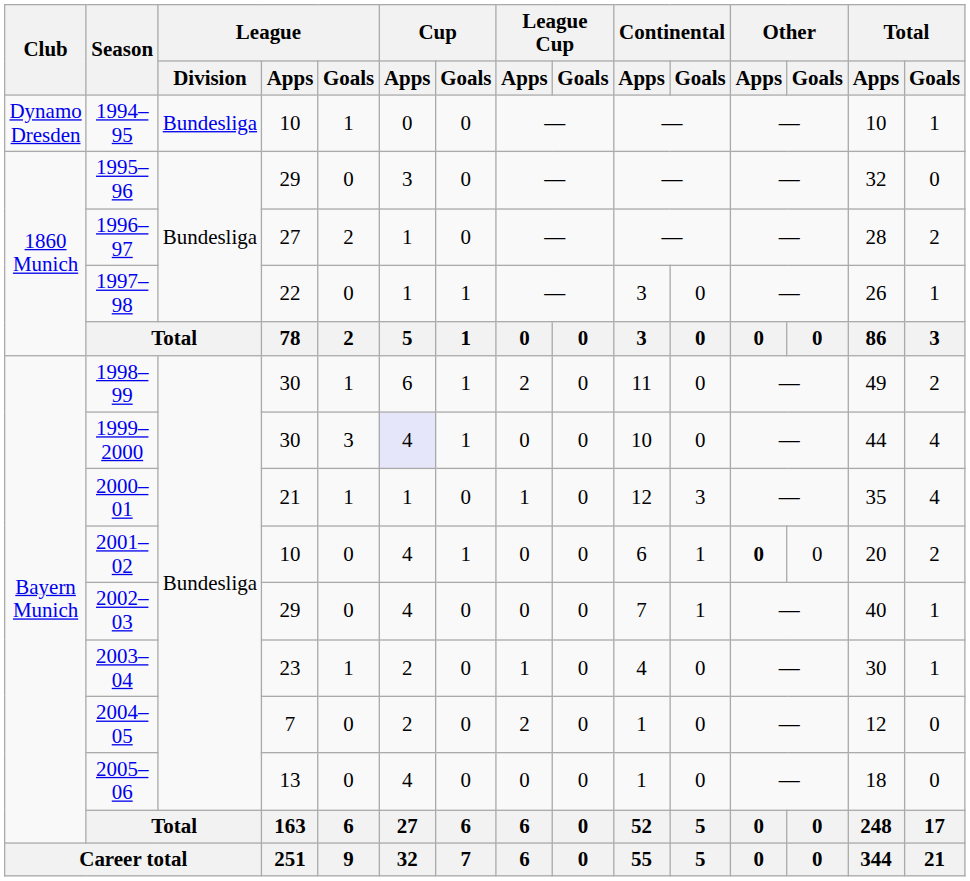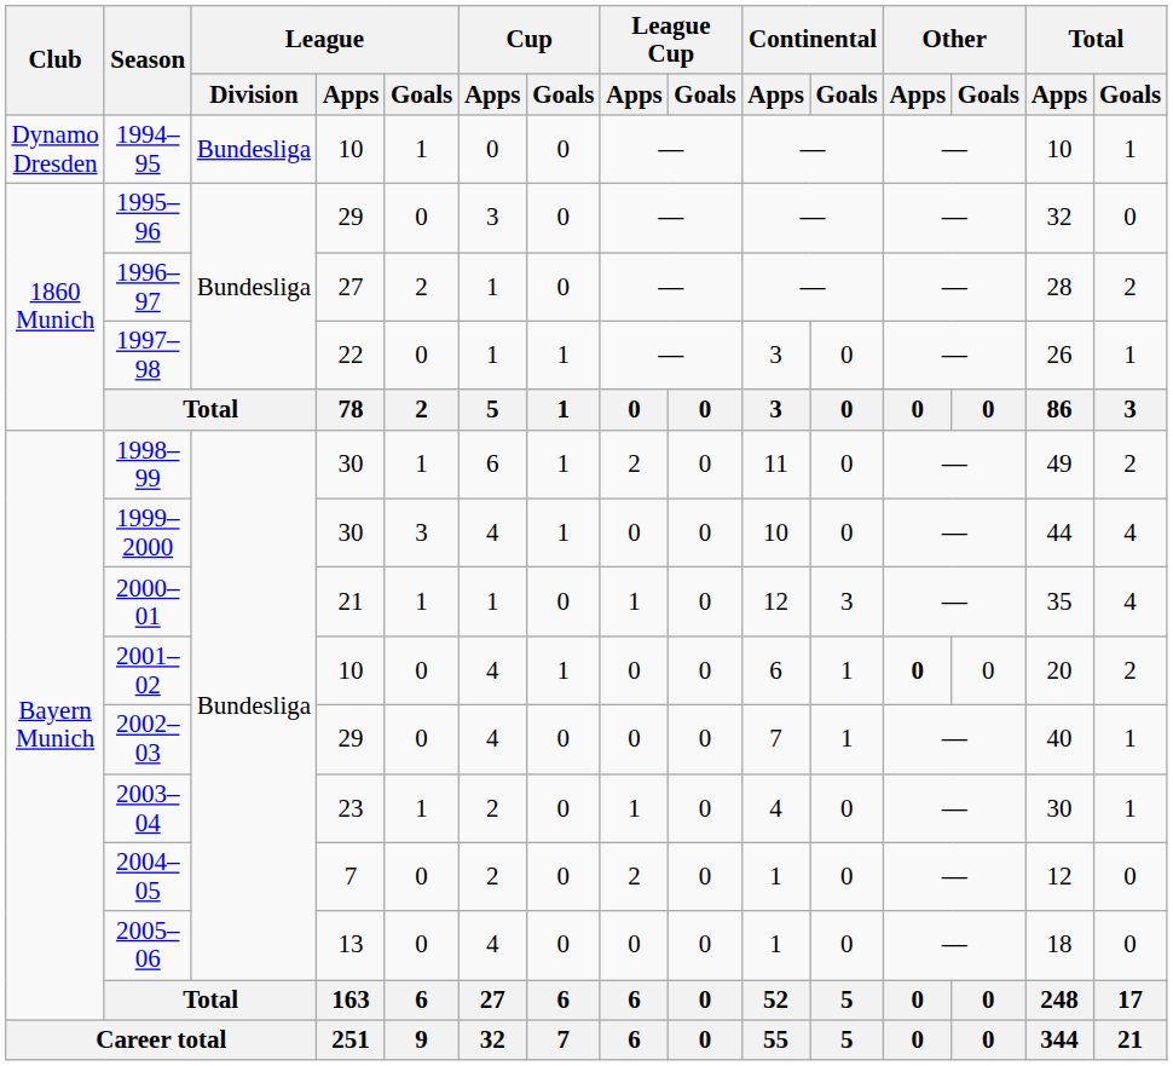 <table class="wikitable" style="text-align: center">
 <tr>
 <th rowspan="2">Club</th>
 <th rowspan="2">Season</th>
 <th colspan="3">League</th>
 <th colspan="2">Cup</th>
 <th colspan="2">League Cup</th>
 <th colspan="2">Continental</th>
 <th colspan="2">Other</th>
 <th colspan="2">Total</th>
 </tr>
 <tr>
 <th>Division</th>
 <th>Apps</th>
 <th>Goals</th>
 <th>Apps</th>
 <th>Goals</th>
 <th>Apps</th>
 <th>Goals</th>
 <th>Apps</th>
 <th>Goals</th>
 <th>Apps</th>
 <th>Goals</th>
 <th>Apps</th>
 <th>Goals</th>
 </tr>
 <tr>
 <td><a href='#'>Dynamo Dresden</a></td>
 <td><a href='#'>1994–95</a></td>
 <td><a href='#'>Bundesliga</a></td>
 <td>10</td>
 <td>1</td>
 <td>0</td>
 <td>0</td>
 <td colspan="2">—</td>
 <td colspan="2">—</td>
 <td colspan="2">—</td>
 <td>10</td>
 <td>1</td>
 </tr>
 <tr>
 <td rowspan="4"><a href='#'>1860 Munich</a></td>
 <td><a href='#'>1995–96</a></td>
 <td rowspan="3">Bundesliga</td>
 <td>29</td>
 <td>0</td>
 <td>3</td>
 <td>0</td>
 <td colspan="2">—</td>
 <td colspan="2">—</td>
 <td colspan="2">—</td>
 <td>32</td>
 <td>0</td>
 </tr>
 <tr>
 <td><a href='#'>1996–97</a></td>
 <td>27</td>
 <td>2</td>
 <td>1</td>
 <td>0</td>
 <td colspan="2">—</td>
 <td colspan="2">—</td>
 <td colspan="2">—</td>
 <td>28</td>
 <td>2</td>
 </tr>
 <tr>
 <td><a href='#'>1997–98</a></td>
 <td>22</td>
 <td>0</td>
 <td>1</td>
 <td>1</td>
 <td colspan="2">—</td>
 <td>3</td>
 <td>0</td>
 <td colspan="2">—</td>
 <td>26</td>
 <td>1</td>
 </tr>
 <tr>
 <th colspan="2">Total</th>
 <th>78</th>
 <th>2</th>
 <th>5</th>
 <th>1</th>
 <th>0</th>
 <th>0</th>
 <th>3</th>
 <th>0</th>
 <th>0</th>
 <th>0</th>
 <th>86</th>
 <th>3</th>
 </tr>
 <tr>
 <td rowspan="9"><a href='#'>Bayern Munich</a></td>
 <td><a href='#'>1998–99</a></td>
 <td rowspan="8">Bundesliga</td>
 <td>30</td>
 <td>1</td>
 <td>6</td>
 <td>1</td>
 <td>2</td>
 <td>0</td>
 <td>11</td>
 <td>0</td>
 <td colspan="2">—</td>
 <td>49</td>
 <td>2</td>
 </tr>
 <tr>
 <td><a href='#'>1999–2000</a></td>
 <td>30</td>
 <td>3</td>
-<td style="background: lavender;">4</td>
+<td>4</td>
 <td>1</td>
 <td>0</td>
 <td>0</td>
 <td>10</td>
 <td>0</td>
 <td colspan="2">—</td>
 <td>44</td>
 <td>4</td>
 </tr>
 <tr>
 <td><a href='#'>2000–01</a></td>
 <td>21</td>
 <td>1</td>
 <td>1</td>
 <td>0</td>
 <td>1</td>
 <td>0</td>
 <td>12</td>
 <td>3</td>
 <td colspan="2">—</td>
 <td>35</td>
 <td>4</td>
 </tr>
 <tr>
 <td><a href='#'>2001–02</a></td>
 <td>10</td>
 <td>0</td>
 <td>4</td>
 <td>1</td>
 <td>0</td>
 <td>0</td>
 <td>6</td>
 <td>1</td>
 <td><strong>0</strong></td>
 <td>0</td>
 <td>20</td>
 <td>2</td>
 </tr>
 <tr>
 <td><a href='#'>2002–03</a></td>
 <td>29</td>
 <td>0</td>
 <td>4</td>
 <td>0</td>
 <td>0</td>
 <td>0</td>
 <td>7</td>
 <td>1</td>
 <td colspan="2">—</td>
 <td>40</td>
 <td>1</td>
 </tr>
 <tr>
 <td><a href='#'>2003–04</a></td>
 <td>23</td>
 <td>1</td>
 <td>2</td>
 <td>0</td>
 <td>1</td>
 <td>0</td>
 <td>4</td>
 <td>0</td>
 <td colspan="2">—</td>
 <td>30</td>
 <td>1</td>
 </tr>
 <tr>
 <td><a href='#'>2004–05</a></td>
 <td>7</td>
 <td>0</td>
 <td>2</td>
 <td>0</td>
 <td>2</td>
 <td>0</td>
 <td>1</td>
 <td>0</td>
 <td colspan="2">—</td>
 <td>12</td>
 <td>0</td>
 </tr>
 <tr>
 <td><a href='#'>2005–06</a></td>
 <td>13</td>
 <td>0</td>
 <td>4</td>
 <td>0</td>
 <td>0</td>
 <td>0</td>
 <td>1</td>
 <td>0</td>
 <td colspan="2">—</td>
 <td>18</td>
 <td>0</td>
 </tr>
 <tr>
 <th colspan="2">Total</th>
 <th>163</th>
 <th>6</th>
 <th>27</th>
 <th>6</th>
 <th>6</th>
 <th>0</th>
 <th>52</th>
 <th>5</th>
 <th>0</th>
 <th>0</th>
 <th>248</th>
 <th>17</th>
 </tr>
 <tr>
 <th colspan="3">Career total</th>
 <th>251</th>
 <th>9</th>
 <th>32</th>
 <th>7</th>
 <th>6</th>
 <th>0</th>
 <th>55</th>
 <th>5</th>
 <th>0</th>
 <th>0</th>
 <th>344</th>
 <th>21</th>
 </tr>
 </table>
